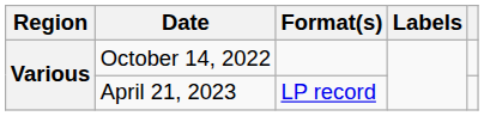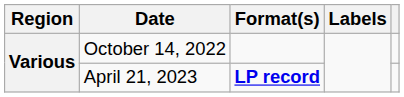 <table class="wikitable plainrowheaders">
 <tr>
 <th scope="col">Region</th>
 <th scope="col">Date</th>
 <th scope="col">Format(s)</th>
 <th scope="col">Labels</th>
 <th scope="col"></th>
 </tr>
 <tr>
 <th rowspan="2" scope="row">Various</th>
 <td>October 14, 2022</td>
 <td></td>
 <td rowspan="2"></td>
 <td align="center"></td>
 </tr>
 <tr>
 <td>April 21, 2023</td>
-<td><a href='#'>LP record</a></td>
+<td><strong><a href='#'>LP record</a></strong></td>
 <td align="center"></td>
 </tr>
 </table>
